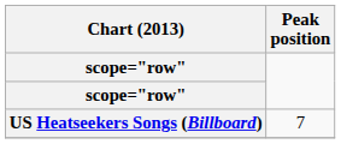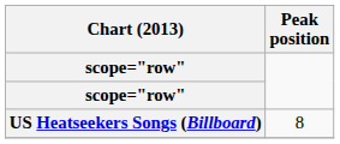 <table class="wikitable sortable plainrowheaders" style="text-align:center;">
 <tr>
 <th scope="col">Chart (2013)</th>
 <th scope="col">Peak<br>position</th>
 </tr>
 <tr>
 <th>scope="row"</th>
 </tr>
 <tr>
 <th>scope="row"</th>
 </tr>
 <tr>
 <th scope="row" align="left">US <a href='#'>Heatseekers Songs</a> (<em><a href='#'>Billboard</a></em>)</th>
-<td style="text-align:center;">7</td>
+<td style="text-align:center;">8</td>
 </tr>
 <tr>
 </tr>
 </table>
